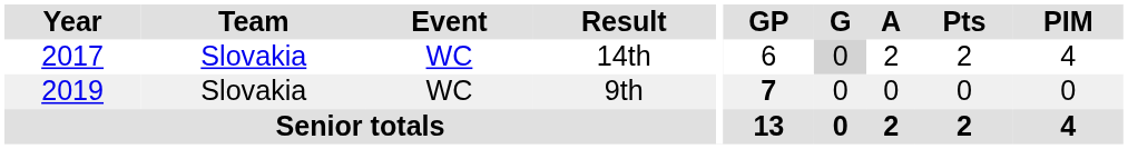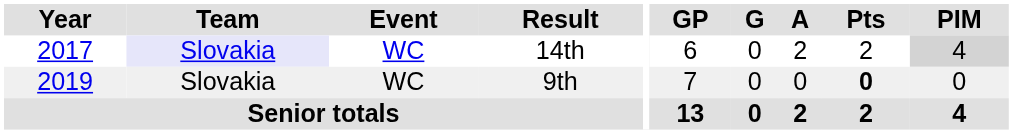 <table border="0" cellpadding="1" cellspacing="0" ID="Table3" style="text-align:center; width:40em">
 <tr ALIGN="center" bgcolor="#e0e0e0">
 <th>Year</th>
 <th>Team</th>
 <th>Event</th>
 <th>Result</th>
 <th rowspan="99" bgcolor="#ffffff"></th>
 <th>GP</th>
 <th>G</th>
 <th>A</th>
 <th>Pts</th>
 <th>PIM</th>
 </tr>
 <tr>
 <td><a href='#'>2017</a></td>
-<td><a href='#'>Slovakia</a></td>
+<td style="background: lavender;"><a href='#'>Slovakia</a></td>
 <td><a href='#'>WC</a></td>
 <td>14th</td>
 <td>6</td>
-<td style="background: lightgrey;">0</td>
+<td>0</td>
 <td>2</td>
 <td>2</td>
-<td>4</td>
+<td style="background: lightgrey;">4</td>
 </tr>
 <tr bgcolor="#f0f0f0">
 <td><a href='#'>2019</a></td>
 <td>Slovakia</td>
 <td>WC</td>
 <td>9th</td>
-<td><strong>7</strong></td>
+<td>7</td>
 <td>0</td>
 <td>0</td>
-<td>0</td>
+<td><strong>0</strong></td>
 <td>0</td>
 </tr>
 <tr bgcolor="#e0e0e0">
 <th colspan=4>Senior totals</th>
 <th>13</th>
 <th>0</th>
 <th>2</th>
 <th>2</th>
 <th>4</th>
 </tr>
 </table>
